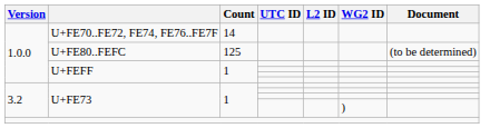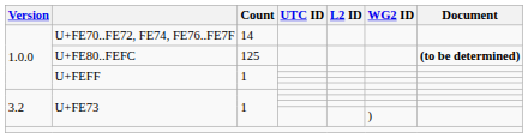 <table class="wikitable sticky-header">
 <tr>
 <th><a href='#'>Version</a></th>
 <th></th>
 <th>Count</th>
 <th><a href='#'>UTC</a> ID</th>
 <th><a href='#'>L2</a> ID</th>
 <th><a href='#'>WG2</a> ID</th>
 <th>Document</th>
 </tr>
 <tr>
 <td rowspan="6">1.0.0</td>
 <td>U+FE70..FE72, FE74, FE76..FE7F</td>
 <td>14</td>
 <td></td>
 <td></td>
 <td></td>
 <td></td>
 </tr>
 <tr>
 <td>U+FE80..FEFC</td>
 <td>125</td>
 <td></td>
 <td></td>
 <td></td>
-<td>(to be determined)</td>
+<td><strong>(to be determined)</strong></td>
 </tr>
 <tr>
 <td rowspan="4">U+FEFF</td>
 <td rowspan="4">1</td>
 <td></td>
 <td></td>
 <td></td>
 <td></td>
 </tr>
 <tr>
 <td></td>
 <td></td>
 <td></td>
 <td></td>
 </tr>
 <tr>
 <td></td>
 <td></td>
 <td></td>
 <td></td>
 </tr>
 <tr>
 <td></td>
 <td></td>
 <td></td>
 <td></td>
 </tr>
 <tr>
 <td rowspan="4">3.2</td>
 <td rowspan="4">U+FE73</td>
 <td rowspan="4">1</td>
 <td></td>
 <td></td>
 <td></td>
 <td></td>
 </tr>
 <tr>
 <td></td>
 <td></td>
 <td></td>
 <td></td>
 </tr>
 <tr>
 <td></td>
 <td></td>
 <td></td>
 <td></td>
 </tr>
 <tr>
 <td></td>
 <td></td>
 <td> )</td>
 <td></td>
 </tr>
 <tr class="sortbottom">
 <td colspan="7"></td>
 </tr>
 </table>
